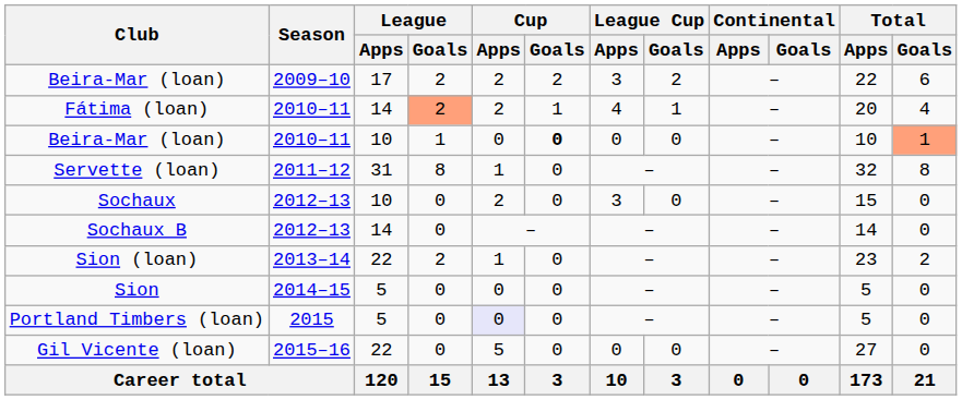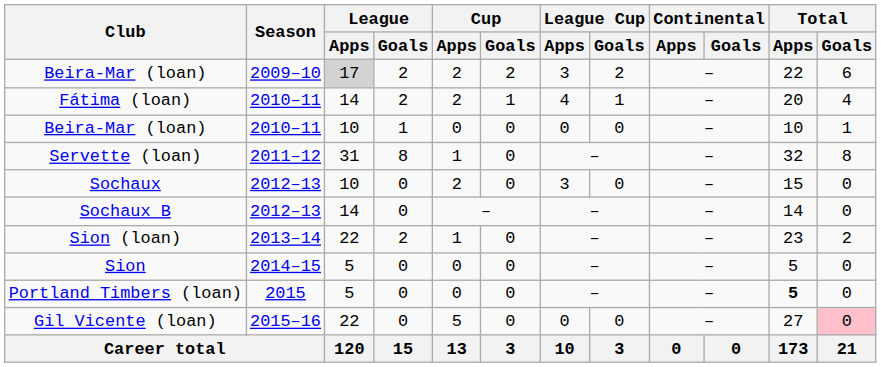 <table class="wikitable" style="text-align: center">
 <tr>
 <th rowspan="2">Club</th>
 <th rowspan="2">Season</th>
 <th colspan="2">League</th>
 <th colspan="2">Cup</th>
 <th colspan="2">League Cup</th>
 <th colspan="2">Continental</th>
 <th colspan="2">Total</th>
 </tr>
 <tr>
 <th>Apps</th>
 <th>Goals</th>
 <th>Apps</th>
 <th>Goals</th>
 <th>Apps</th>
 <th>Goals</th>
 <th>Apps</th>
 <th>Goals</th>
 <th>Apps</th>
 <th>Goals</th>
 </tr>
 <tr>
 <td><a href='#'>Beira-Mar</a> (loan)</td>
 <td><a href='#'>2009–10</a></td>
-<td>17</td>
+<td style="background: lightgrey;">17</td>
 <td>2</td>
 <td>2</td>
 <td>2</td>
 <td>3</td>
 <td>2</td>
 <td colspan="2">–</td>
 <td>22</td>
 <td>6</td>
 </tr>
 <tr>
 <td><a href='#'>Fátima</a> (loan)</td>
 <td><a href='#'>2010–11</a></td>
 <td>14</td>
-<td style="background: lightsalmon;">2</td>
+<td>2</td>
 <td>2</td>
 <td>1</td>
 <td>4</td>
 <td>1</td>
 <td colspan="2">–</td>
 <td>20</td>
 <td>4</td>
 </tr>
 <tr>
 <td><a href='#'>Beira-Mar</a> (loan)</td>
 <td><a href='#'>2010–11</a></td>
 <td>10</td>
 <td>1</td>
 <td>0</td>
-<td><strong>0</strong></td>
+<td>0</td>
 <td>0</td>
 <td>0</td>
 <td colspan="2">–</td>
 <td>10</td>
-<td style="background: lightsalmon;">1</td>
+<td>1</td>
 </tr>
 <tr>
 <td><a href='#'>Servette</a> (loan)</td>
 <td><a href='#'>2011–12</a></td>
 <td>31</td>
 <td>8</td>
 <td>1</td>
 <td>0</td>
 <td colspan="2">–</td>
 <td colspan="2">–</td>
 <td>32</td>
 <td>8</td>
 </tr>
 <tr>
 <td><a href='#'>Sochaux</a></td>
 <td><a href='#'>2012–13</a></td>
 <td>10</td>
 <td>0</td>
 <td>2</td>
 <td>0</td>
 <td>3</td>
 <td>0</td>
 <td colspan="2">–</td>
 <td>15</td>
 <td>0</td>
 </tr>
 <tr>
 <td><a href='#'>Sochaux B</a></td>
 <td><a href='#'>2012–13</a></td>
 <td>14</td>
 <td>0</td>
 <td colspan="2">–</td>
 <td colspan="2">–</td>
 <td colspan="2">–</td>
 <td>14</td>
 <td>0</td>
 </tr>
 <tr>
 <td><a href='#'>Sion</a> (loan)</td>
 <td><a href='#'>2013–14</a></td>
 <td>22</td>
 <td>2</td>
 <td>1</td>
 <td>0</td>
 <td colspan="2">–</td>
 <td colspan="2">–</td>
 <td>23</td>
 <td>2</td>
 </tr>
 <tr>
 <td><a href='#'>Sion</a></td>
 <td><a href='#'>2014–15</a></td>
 <td>5</td>
 <td>0</td>
 <td>0</td>
 <td>0</td>
 <td colspan="2">–</td>
 <td colspan="2">–</td>
 <td>5</td>
 <td>0</td>
 </tr>
 <tr>
 <td><a href='#'>Portland Timbers</a> (loan)</td>
 <td><a href='#'>2015</a></td>
 <td>5</td>
 <td>0</td>
-<td style="background: lavender;">0</td>
+<td>0</td>
 <td>0</td>
 <td colspan="2">–</td>
 <td colspan="2">–</td>
-<td>5</td>
+<td><strong>5</strong></td>
 <td>0</td>
 </tr>
 <tr>
 <td><a href='#'>Gil Vicente</a> (loan)</td>
 <td><a href='#'>2015–16</a></td>
 <td>22</td>
 <td>0</td>
 <td>5</td>
 <td>0</td>
 <td>0</td>
 <td>0</td>
 <td colspan="2">–</td>
 <td>27</td>
-<td>0</td>
+<td style="background: pink;">0</td>
 </tr>
 <tr>
 <th colspan="2">Career total</th>
 <th>120</th>
 <th>15</th>
 <th>13</th>
 <th>3</th>
 <th>10</th>
 <th>3</th>
 <th>0</th>
 <th>0</th>
 <th>173</th>
 <th>21</th>
 </tr>
 </table>
